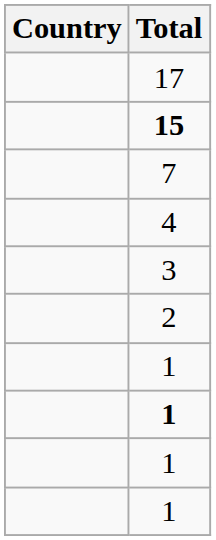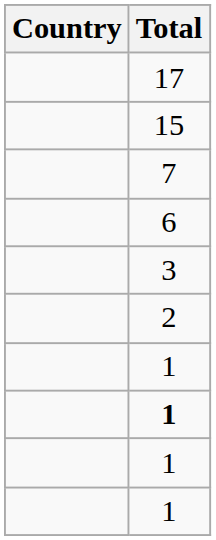 <table class="wikitable sortable" style="text-align:center">
 <tr>
 <th>Country</th>
 <th>Total</th>
 </tr>
 <tr>
 <td align=left></td>
 <td>17</td>
 </tr>
 <tr>
 <td align=left></td>
-<td><strong>15</strong></td>
+<td>15</td>
 </tr>
 <tr>
 <td align=left></td>
 <td>7</td>
 </tr>
 <tr>
 <td align=left></td>
-<td>4</td>
+<td>6</td>
 </tr>
 <tr>
 <td align=left></td>
 <td>3</td>
 </tr>
 <tr>
 <td align=left></td>
 <td>2</td>
 </tr>
 <tr>
 <td align=left></td>
 <td>1</td>
 </tr>
 <tr>
 <td align=left></td>
 <td><strong>1</strong></td>
 </tr>
 <tr>
 <td align=left></td>
 <td>1</td>
 </tr>
 <tr>
 <td align=left></td>
 <td>1</td>
 </tr>
 </table>
